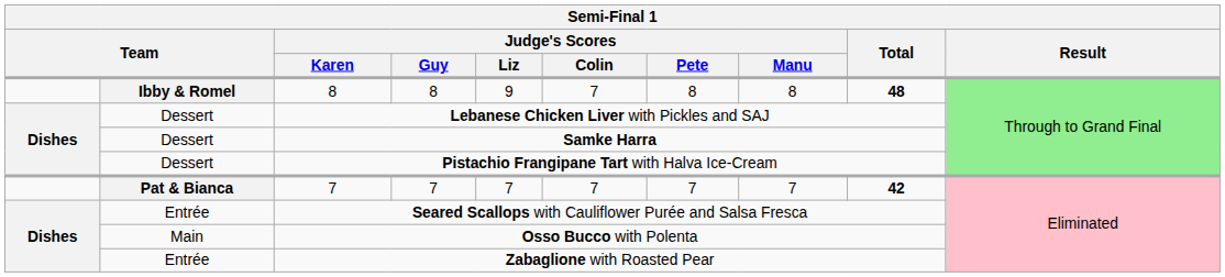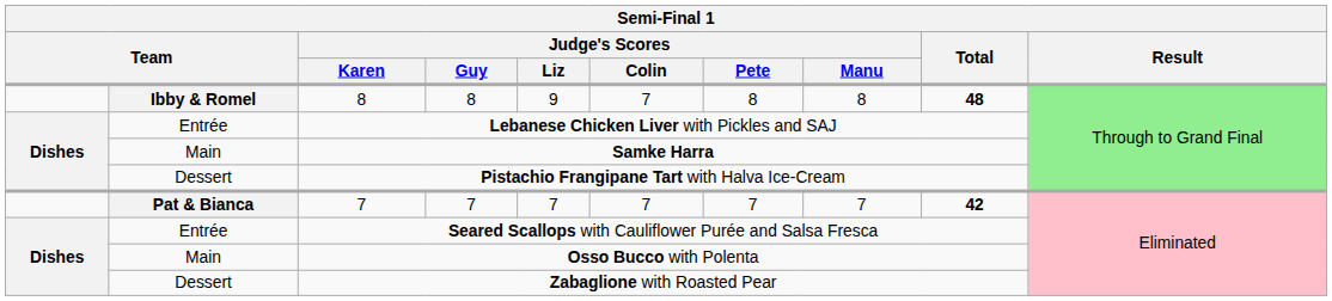 <table class="wikitable plainrowheaders" style="margin:1em auto; text-align:center; font-size:90%; width:80em;">
 <tr>
 <th colspan="10" >Semi-Final 1</th>
 </tr>
 <tr>
 <th rowspan="2" colspan="2">Team</th>
 <th colspan="6">Judge's Scores</th>
 <th rowspan="2">Total<br></th>
 <th rowspan="2">Result</th>
 </tr>
 <tr>
 <th><a href='#'>Karen</a></th>
 <th><a href='#'>Guy</a></th>
 <th>Liz</th>
 <th>Colin</th>
 <th><a href='#'>Pete</a></th>
 <th><a href='#'>Manu</a></th>
 </tr>
 <tr style="border-top:3px solid #aaa;">
 <td></td>
 <th>Ibby & Romel</th>
 <td>8</td>
 <td>8</td>
 <td>9</td>
 <td>7</td>
 <td>8</td>
 <td>8</td>
 <td><strong>48</strong></td>
 <td rowspan="4" style="background:lightgreen">Through to Grand Final</td>
 </tr>
 <tr>
 <th rowspan="3">Dishes</th>
-<td>Dessert</td>
+<td>Entrée</td>
 <td colspan="7"><strong>Lebanese Chicken Liver</strong> with Pickles and SAJ</td>
 </tr>
 <tr>
-<td>Dessert</td>
+<td>Main</td>
 <td colspan="7"><strong>Samke Harra</strong></td>
 </tr>
 <tr>
 <td>Dessert</td>
 <td colspan="7"><strong>Pistachio Frangipane Tart </strong> with Halva Ice-Cream</td>
 </tr>
 <tr style="border-top:3px solid #aaa;">
 </tr>
 <tr>
 <td></td>
 <th>Pat & Bianca</th>
 <td>7</td>
 <td>7</td>
 <td>7</td>
 <td>7</td>
 <td>7</td>
 <td>7</td>
 <td><strong>42</strong></td>
 <td style="background:pink" rowspan="4">Eliminated</td>
 </tr>
 <tr>
 <th rowspan="3">Dishes</th>
 <td>Entrée</td>
 <td colspan="7"><strong>Seared Scallops</strong> with Cauliflower Purée and Salsa Fresca</td>
 </tr>
 <tr>
 <td>Main</td>
 <td colspan="7"><strong>Osso Bucco</strong> with Polenta</td>
 </tr>
 <tr>
-<td>Entrée</td>
+<td>Dessert</td>
 <td colspan="7"><strong>Zabaglione</strong> with Roasted Pear</td>
 </tr>
 </table>
